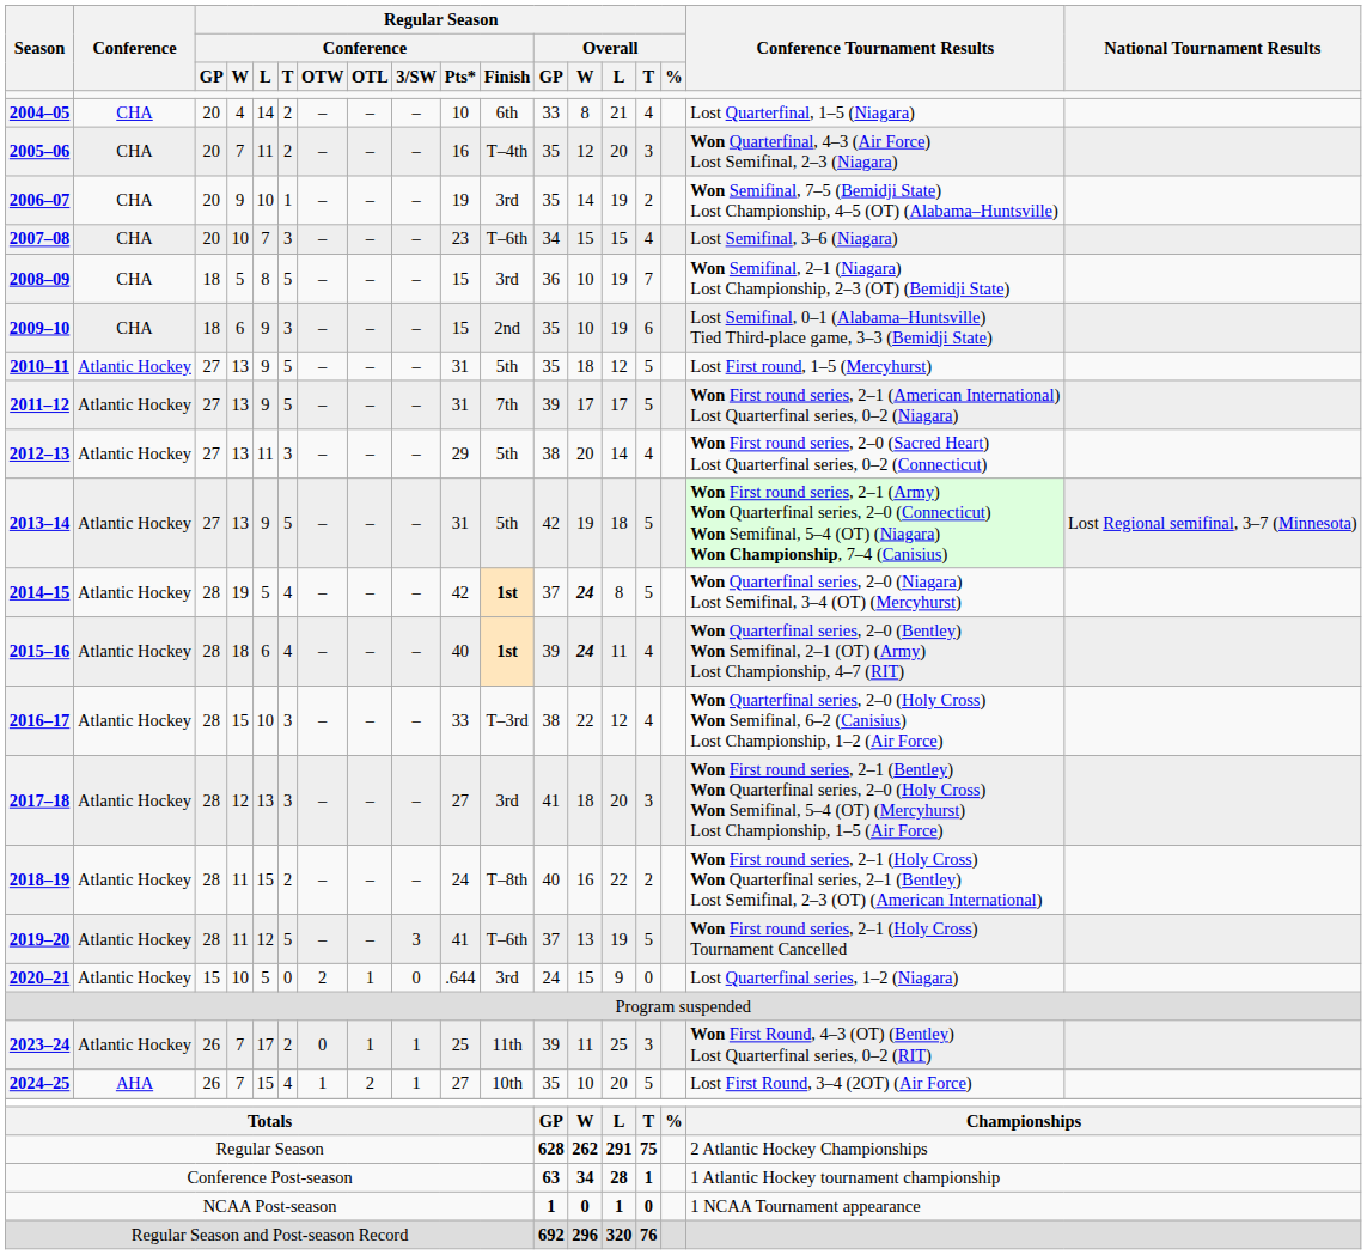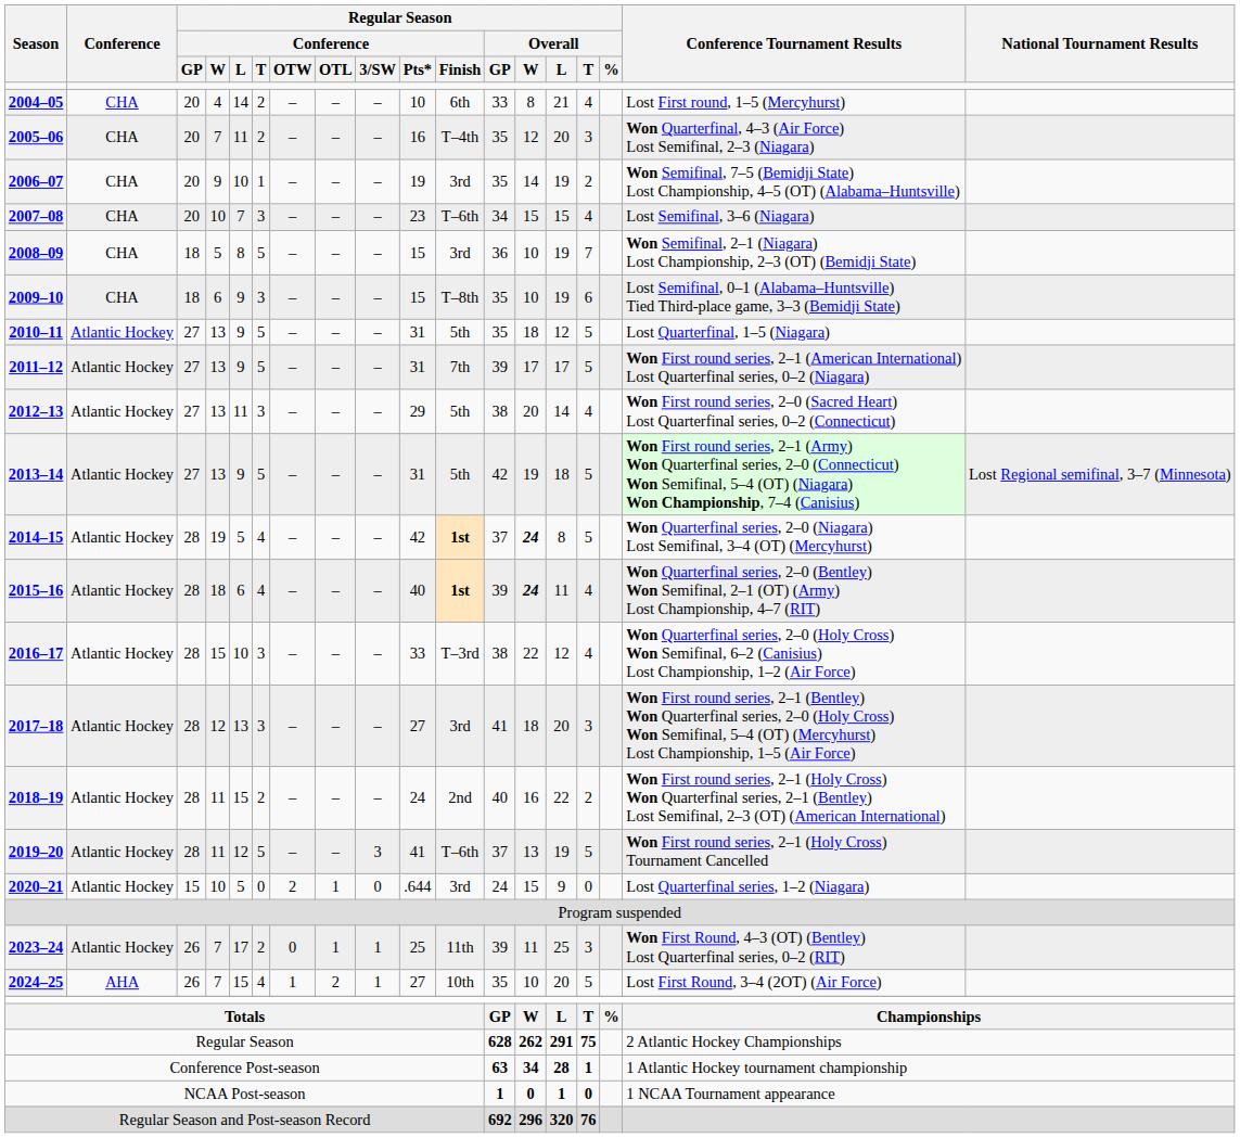 <table class="wikitable" style="text-align: center; font-size: 95%">
 <tr>
 <th rowspan="3">Season</th>
 <th rowspan="3">Conference</th>
 <th colspan="14">Regular Season</th>
 <th rowspan="3">Conference Tournament Results</th>
 <th rowspan="3">National Tournament Results</th>
 </tr>
 <tr>
 <th colspan="9">Conference</th>
 <th colspan="5">Overall</th>
 </tr>
 <tr>
 <th>GP</th>
 <th>W</th>
 <th>L</th>
 <th>T</th>
 <th>OTW</th>
 <th>OTL</th>
 <th>3/SW</th>
 <th>Pts*</th>
 <th>Finish</th>
 <th>GP</th>
 <th>W</th>
 <th>L</th>
 <th>T</th>
 <th>%</th>
 </tr>
 <tr>
 <td><a href='#'></a> </td>
 </tr>
 <tr>
 <th><a href='#'>2004–05</a></th>
 <td><a href='#'>CHA</a></td>
 <td>20</td>
 <td>4</td>
 <td>14</td>
 <td>2</td>
 <td>–</td>
 <td>–</td>
 <td>–</td>
 <td>10</td>
 <td>6th</td>
 <td>33</td>
 <td>8</td>
 <td>21</td>
 <td>4</td>
 <td></td>
-<td align="left">Lost <a href='#'>Quarterfinal</a>, 1–5 (<a href='#'>Niagara</a>)</td>
+<td align="left">Lost <a href='#'>First round</a>, 1–5 (<a href='#'>Mercyhurst</a>)</td>
 <td align="left"></td>
 </tr>
 <tr bgcolor=#eeeeee>
 <th><a href='#'>2005–06</a></th>
 <td>CHA</td>
 <td>20</td>
 <td>7</td>
 <td>11</td>
 <td>2</td>
 <td>–</td>
 <td>–</td>
 <td>–</td>
 <td>16</td>
 <td>T–4th</td>
 <td>35</td>
 <td>12</td>
 <td>20</td>
 <td>3</td>
 <td></td>
 <td align="left"><strong>Won</strong> <a href='#'>Quarterfinal</a>, 4–3 (<a href='#'>Air Force</a>)<br>Lost Semifinal, 2–3 (<a href='#'>Niagara</a>)</td>
 <td align="left"></td>
 </tr>
 <tr>
 <th><a href='#'>2006–07</a></th>
 <td>CHA</td>
 <td>20</td>
 <td>9</td>
 <td>10</td>
 <td>1</td>
 <td>–</td>
 <td>–</td>
 <td>–</td>
 <td>19</td>
 <td>3rd</td>
 <td>35</td>
 <td>14</td>
 <td>19</td>
 <td>2</td>
 <td></td>
 <td align="left"><strong>Won</strong> <a href='#'>Semifinal</a>, 7–5 (<a href='#'>Bemidji State</a>)<br>Lost Championship, 4–5 (OT) (<a href='#'>Alabama–Huntsville</a>)</td>
 <td align="left"></td>
 </tr>
 <tr bgcolor=#eeeeee>
 <th><a href='#'>2007–08</a></th>
 <td>CHA</td>
 <td>20</td>
 <td>10</td>
 <td>7</td>
 <td>3</td>
 <td>–</td>
 <td>–</td>
 <td>–</td>
 <td>23</td>
 <td>T–6th</td>
 <td>34</td>
 <td>15</td>
 <td>15</td>
 <td>4</td>
 <td></td>
 <td align="left">Lost <a href='#'>Semifinal</a>, 3–6 (<a href='#'>Niagara</a>)</td>
 <td align="left"></td>
 </tr>
 <tr>
 <th><a href='#'>2008–09</a></th>
 <td>CHA</td>
 <td>18</td>
 <td>5</td>
 <td>8</td>
 <td>5</td>
 <td>–</td>
 <td>–</td>
 <td>–</td>
 <td>15</td>
 <td>3rd</td>
 <td>36</td>
 <td>10</td>
 <td>19</td>
 <td>7</td>
 <td></td>
 <td align="left"><strong>Won</strong> <a href='#'>Semifinal</a>, 2–1 (<a href='#'>Niagara</a>)<br>Lost Championship, 2–3 (OT) (<a href='#'>Bemidji State</a>)</td>
 <td align="left"></td>
 </tr>
 <tr bgcolor=#eeeeee>
 <th><a href='#'>2009–10</a></th>
 <td>CHA</td>
 <td>18</td>
 <td>6</td>
 <td>9</td>
 <td>3</td>
 <td>–</td>
 <td>–</td>
 <td>–</td>
 <td>15</td>
-<td>2nd</td>
+<td>T–8th</td>
 <td>35</td>
 <td>10</td>
 <td>19</td>
 <td>6</td>
 <td></td>
 <td align="left">Lost <a href='#'>Semifinal</a>, 0–1 (<a href='#'>Alabama–Huntsville</a>)<br>Tied Third-place game, 3–3 (<a href='#'>Bemidji State</a>)</td>
 <td align="left"></td>
 </tr>
 <tr>
 <th><a href='#'>2010–11</a></th>
 <td><a href='#'>Atlantic Hockey</a></td>
 <td>27</td>
 <td>13</td>
 <td>9</td>
 <td>5</td>
 <td>–</td>
 <td>–</td>
 <td>–</td>
 <td>31</td>
 <td>5th</td>
 <td>35</td>
 <td>18</td>
 <td>12</td>
 <td>5</td>
 <td></td>
-<td align="left">Lost <a href='#'>First round</a>, 1–5 (<a href='#'>Mercyhurst</a>)</td>
+<td align="left">Lost <a href='#'>Quarterfinal</a>, 1–5 (<a href='#'>Niagara</a>)</td>
 <td align="left"></td>
 </tr>
 <tr bgcolor=#eeeeee>
 <th><a href='#'>2011–12</a></th>
 <td>Atlantic Hockey</td>
 <td>27</td>
 <td>13</td>
 <td>9</td>
 <td>5</td>
 <td>–</td>
 <td>–</td>
 <td>–</td>
 <td>31</td>
 <td>7th</td>
 <td>39</td>
 <td>17</td>
 <td>17</td>
 <td>5</td>
 <td></td>
 <td align="left"><strong>Won</strong> <a href='#'>First round series</a>, 2–1 (<a href='#'>American International</a>)<br>Lost Quarterfinal series, 0–2 (<a href='#'>Niagara</a>)</td>
 <td align="left"></td>
 </tr>
 <tr>
 <th><a href='#'>2012–13</a></th>
 <td>Atlantic Hockey</td>
 <td>27</td>
 <td>13</td>
 <td>11</td>
 <td>3</td>
 <td>–</td>
 <td>–</td>
 <td>–</td>
 <td>29</td>
 <td>5th</td>
 <td>38</td>
 <td>20</td>
 <td>14</td>
 <td>4</td>
 <td></td>
 <td align="left"><strong>Won</strong> <a href='#'>First round series</a>, 2–0 (<a href='#'>Sacred Heart</a>)<br>Lost Quarterfinal series, 0–2 (<a href='#'>Connecticut</a>)</td>
 <td align="left"></td>
 </tr>
 <tr bgcolor=#eeeeee>
 <th><a href='#'>2013–14</a></th>
 <td>Atlantic Hockey</td>
 <td>27</td>
 <td>13</td>
 <td>9</td>
 <td>5</td>
 <td>–</td>
 <td>–</td>
 <td>–</td>
 <td>31</td>
 <td>5th</td>
 <td>42</td>
 <td>19</td>
 <td>18</td>
 <td>5</td>
 <td></td>
 <td style="background: #ddffdd;" align="left"><strong>Won</strong> <a href='#'>First round series</a>, 2–1 (<a href='#'>Army</a>)<br><strong>Won</strong> Quarterfinal series, 2–0 (<a href='#'>Connecticut</a>)<br><strong>Won</strong> Semifinal, 5–4 (OT) (<a href='#'>Niagara</a>)<br><strong>Won Championship</strong>, 7–4 (<a href='#'>Canisius</a>)</td>
 <td align="left">Lost <a href='#'>Regional semifinal</a>, 3–7 (<a href='#'>Minnesota</a>)</td>
 </tr>
 <tr>
 <th><a href='#'>2014–15</a></th>
 <td>Atlantic Hockey</td>
 <td>28</td>
 <td>19</td>
 <td>5</td>
 <td>4</td>
 <td>–</td>
 <td>–</td>
 <td>–</td>
 <td>42</td>
 <td style="background: #FFE6BD;"><strong>1st</strong></td>
 <td>37</td>
 <td><strong><em>24</em></strong></td>
 <td>8</td>
 <td>5</td>
 <td><strong><em></em></strong></td>
 <td align="left"><strong>Won</strong> <a href='#'>Quarterfinal series</a>, 2–0 (<a href='#'>Niagara</a>)<br>Lost Semifinal, 3–4 (OT) (<a href='#'>Mercyhurst</a>)</td>
 <td align="left"></td>
 </tr>
 <tr bgcolor=#eeeeee>
 <th><a href='#'>2015–16</a></th>
 <td>Atlantic Hockey</td>
 <td>28</td>
 <td>18</td>
 <td>6</td>
 <td>4</td>
 <td>–</td>
 <td>–</td>
 <td>–</td>
 <td>40</td>
 <td style="background: #FFE6BD;"><strong>1st</strong></td>
 <td>39</td>
 <td><strong><em>24</em></strong></td>
 <td>11</td>
 <td>4</td>
 <td></td>
 <td align="left"><strong>Won</strong> <a href='#'>Quarterfinal series</a>, 2–0 (<a href='#'>Bentley</a>)<br><strong>Won</strong> Semifinal, 2–1 (OT) (<a href='#'>Army</a>)<br>Lost Championship, 4–7 (<a href='#'>RIT</a>)</td>
 <td align="left"></td>
 </tr>
 <tr>
 <th><a href='#'>2016–17</a></th>
 <td>Atlantic Hockey</td>
 <td>28</td>
 <td>15</td>
 <td>10</td>
 <td>3</td>
 <td>–</td>
 <td>–</td>
 <td>–</td>
 <td>33</td>
 <td>T–3rd</td>
 <td>38</td>
 <td>22</td>
 <td>12</td>
 <td>4</td>
 <td></td>
 <td align="left"><strong>Won</strong> <a href='#'>Quarterfinal series</a>, 2–0 (<a href='#'>Holy Cross</a>)<br><strong>Won</strong> Semifinal, 6–2 (<a href='#'>Canisius</a>)<br>Lost Championship, 1–2 (<a href='#'>Air Force</a>)</td>
 <td align="left"></td>
 </tr>
 <tr bgcolor=eeeeee>
 <th><a href='#'>2017–18</a></th>
 <td>Atlantic Hockey</td>
 <td>28</td>
 <td>12</td>
 <td>13</td>
 <td>3</td>
 <td>–</td>
 <td>–</td>
 <td>–</td>
 <td>27</td>
 <td>3rd</td>
 <td>41</td>
 <td>18</td>
 <td>20</td>
 <td>3</td>
 <td></td>
 <td align="left"><strong>Won</strong> <a href='#'>First round series</a>, 2–1 (<a href='#'>Bentley</a>)<br><strong>Won</strong> Quarterfinal series, 2–0 (<a href='#'>Holy Cross</a>)<br><strong>Won</strong> Semifinal, 5–4 (OT) (<a href='#'>Mercyhurst</a>)<br>Lost Championship, 1–5 (<a href='#'>Air Force</a>)</td>
 <td align="left"></td>
 </tr>
 <tr>
 <th><a href='#'>2018–19</a></th>
 <td>Atlantic Hockey</td>
 <td>28</td>
 <td>11</td>
 <td>15</td>
 <td>2</td>
 <td>–</td>
 <td>–</td>
 <td>–</td>
 <td>24</td>
-<td>T–8th</td>
+<td>2nd</td>
 <td>40</td>
 <td>16</td>
 <td>22</td>
 <td>2</td>
 <td></td>
 <td align="left"><strong>Won</strong> <a href='#'>First round series</a>, 2–1 (<a href='#'>Holy Cross</a>)<br><strong>Won</strong> Quarterfinal series, 2–1 (<a href='#'>Bentley</a>)<br>Lost Semifinal, 2–3 (OT) (<a href='#'>American International</a>)</td>
 <td align="left"></td>
 </tr>
 <tr bgcolor=eeeeee>
 <th><a href='#'>2019–20</a></th>
 <td>Atlantic Hockey</td>
 <td>28</td>
 <td>11</td>
 <td>12</td>
 <td>5</td>
 <td>–</td>
 <td>–</td>
 <td>3</td>
 <td>41</td>
 <td>T–6th</td>
 <td>37</td>
 <td>13</td>
 <td>19</td>
 <td>5</td>
 <td></td>
 <td align="left"><strong>Won</strong> <a href='#'>First round series</a>, 2–1 (<a href='#'>Holy Cross</a>)<br>Tournament Cancelled</td>
 <td align="left"></td>
 </tr>
 <tr>
 <th><a href='#'>2020–21</a></th>
 <td>Atlantic Hockey</td>
 <td>15</td>
 <td>10</td>
 <td>5</td>
 <td>0</td>
 <td>2</td>
 <td>1</td>
 <td>0</td>
 <td>.644</td>
 <td>3rd</td>
 <td>24</td>
 <td>15</td>
 <td>9</td>
 <td>0</td>
 <td></td>
 <td align="left">Lost <a href='#'>Quarterfinal series</a>, 1–2 (<a href='#'>Niagara</a>)</td>
 <td align="left"></td>
 </tr>
 <tr bgcolor=dddddd>
 <td colspan="18">Program suspended</td>
 </tr>
 <tr bgcolor=eeeeee>
 <th><a href='#'>2023–24</a></th>
 <td>Atlantic Hockey</td>
 <td>26</td>
 <td>7</td>
 <td>17</td>
 <td>2</td>
 <td>0</td>
 <td>1</td>
 <td>1</td>
 <td>25</td>
 <td>11th</td>
 <td>39</td>
 <td>11</td>
 <td>25</td>
 <td>3</td>
 <td></td>
 <td align="left"><strong>Won</strong> <a href='#'>First Round</a>, 4–3 (OT) (<a href='#'>Bentley</a>)<br>Lost Quarterfinal series, 0–2 (<a href='#'>RIT</a>)</td>
 <td align="left"></td>
 </tr>
 <tr>
 <th><a href='#'>2024–25</a></th>
 <td><a href='#'>AHA</a></td>
 <td>26</td>
 <td>7</td>
 <td>15</td>
 <td>4</td>
 <td>1</td>
 <td>2</td>
 <td>1</td>
 <td>27</td>
 <td>10th</td>
 <td>35</td>
 <td>10</td>
 <td>20</td>
 <td>5</td>
 <td></td>
 <td align="left">Lost <a href='#'>First Round</a>, 3–4 (2OT) (<a href='#'>Air Force</a>)</td>
 <td align="left"></td>
 </tr>
 <tr>
 </tr>
 <tr ->
 </tr>
 <tr>
 <td colspan="18" style="background:#fff;"></td>
 </tr>
 <tr>
 <th colspan="11">Totals</th>
 <th>GP</th>
 <th>W</th>
 <th>L</th>
 <th>T</th>
 <th>%</th>
 <th colspan="2">Championships</th>
 </tr>
 <tr>
 <td colspan="11">Regular Season</td>
 <td><strong>628</strong></td>
 <td><strong>262</strong></td>
 <td><strong>291</strong></td>
 <td><strong>75</strong></td>
 <td><strong></strong></td>
 <td colspan="2" align="left">2 Atlantic Hockey Championships</td>
 </tr>
 <tr>
 <td colspan="11">Conference Post-season</td>
 <td><strong>63</strong></td>
 <td><strong>34</strong></td>
 <td><strong>28</strong></td>
 <td><strong>1</strong></td>
 <td><strong></strong></td>
 <td colspan="2" align="left">1 Atlantic Hockey tournament championship</td>
 </tr>
 <tr>
 <td colspan="11">NCAA Post-season</td>
 <td><strong>1</strong></td>
 <td><strong>0</strong></td>
 <td><strong>1</strong></td>
 <td><strong>0</strong></td>
 <td><strong></strong></td>
 <td colspan="2" align="left">1 NCAA Tournament appearance</td>
 </tr>
 <tr bgcolor=dddddd>
 <td colspan="11">Regular Season and Post-season Record</td>
 <td><strong>692</strong></td>
 <td><strong>296</strong></td>
 <td><strong>320</strong></td>
 <td><strong>76</strong></td>
 <td><strong></strong></td>
 <td colspan="2" align="left"></td>
 </tr>
 </table>
